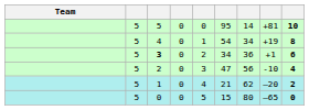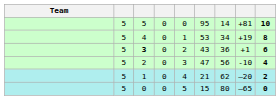 <table class="wikitable" style="text-align: center; font-size:90% ">
 <tr>
 <th width="160">Team</th>
 <th width="25"></th>
 <th width="25"></th>
 <th width="25"></th>
 <th width="25"></th>
 <th width="25"></th>
 <th width="25"></th>
 <th width="25"></th>
 <th width="25"></th>
 </tr>
 <tr bgcolor="ccffcc">
 <td align="left"></td>
 <td>5</td>
 <td>5</td>
 <td>0</td>
 <td>0</td>
 <td>95</td>
 <td>14</td>
 <td>+81</td>
 <td><strong>10</strong></td>
 </tr>
 <tr bgcolor="ccffcc">
 <td align="left"></td>
 <td>5</td>
 <td>4</td>
 <td>0</td>
 <td>1</td>
-<td>54</td>
+<td>53</td>
 <td>34</td>
 <td>+19</td>
 <td><strong>8</strong></td>
 </tr>
 <tr bgcolor="ccffcc">
 <td align="left"></td>
 <td>5</td>
 <td><strong>3</strong></td>
 <td>0</td>
 <td>2</td>
-<td>34</td>
+<td>43</td>
 <td>36</td>
 <td>+1</td>
 <td><strong>6</strong></td>
 </tr>
 <tr bgcolor="ccffcc">
 <td align="left"></td>
 <td>5</td>
 <td>2</td>
 <td>0</td>
 <td>3</td>
 <td>47</td>
 <td>56</td>
 <td>-10</td>
 <td><strong>4</strong></td>
 </tr>
 <tr bgcolor="afeeee">
 <td align="left"></td>
 <td>5</td>
 <td>1</td>
 <td>0</td>
 <td>4</td>
 <td>21</td>
 <td>62</td>
 <td>–20</td>
 <td><strong>2</strong></td>
 </tr>
 <tr bgcolor="afeeee">
 <td align="left"></td>
 <td>5</td>
 <td>0</td>
 <td>0</td>
 <td>5</td>
 <td>15</td>
 <td>80</td>
 <td>–65</td>
 <td><strong>0</strong></td>
 </tr>
 </table>
